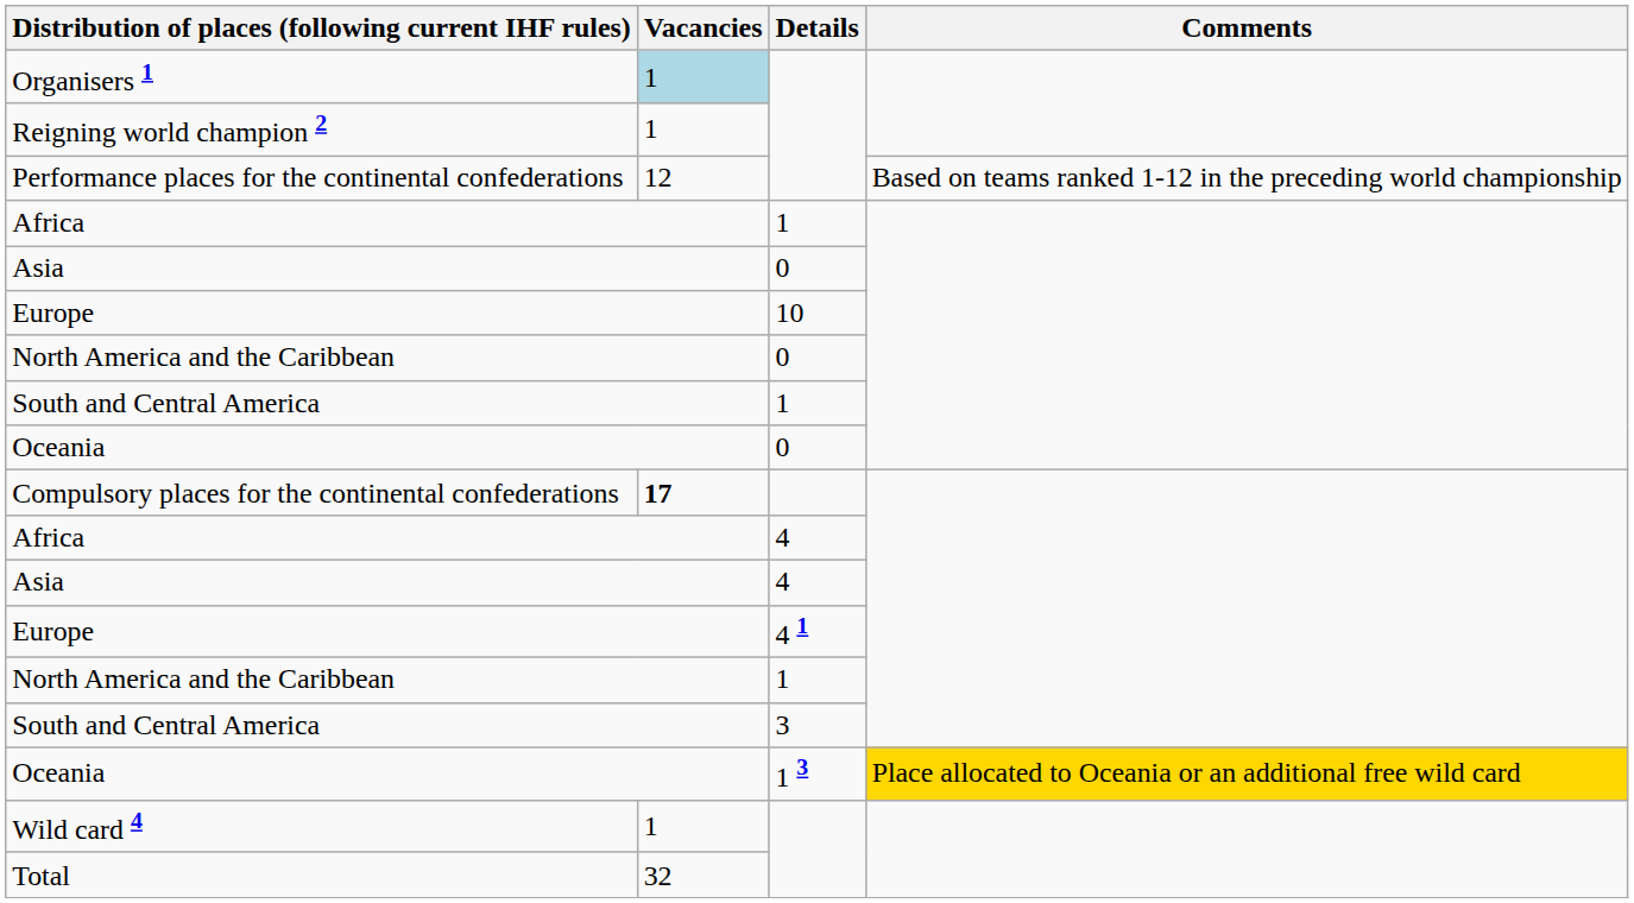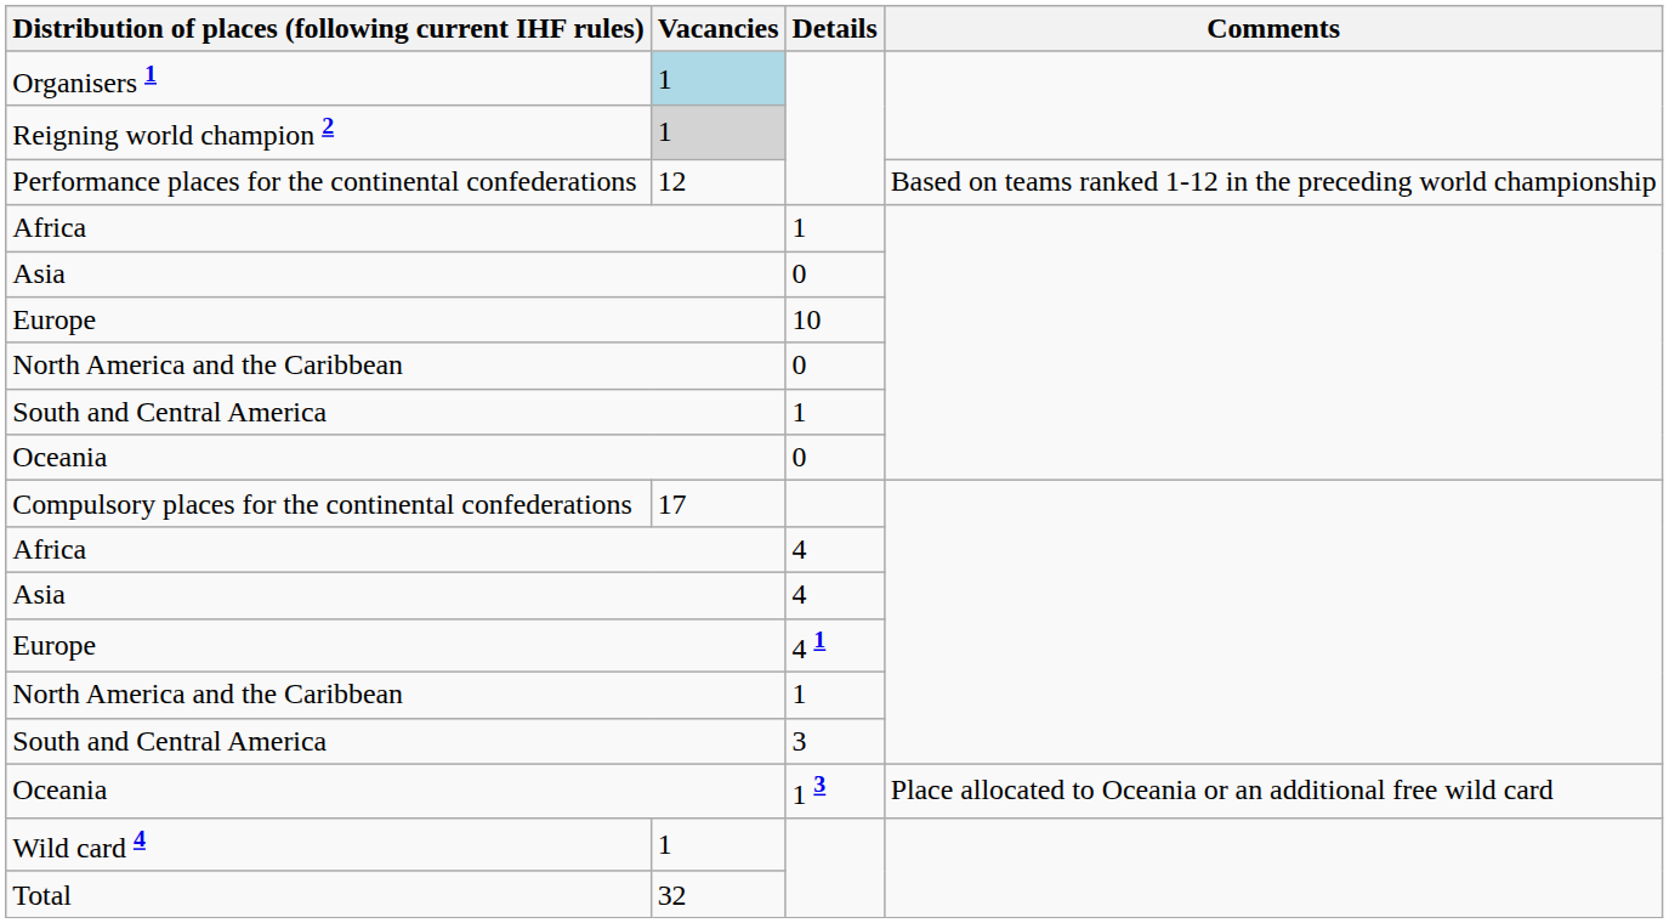 <table class="wikitable">
 <tr>
 <th>Distribution of places (following current IHF rules)</th>
 <th>Vacancies</th>
 <th>Details</th>
 <th>Comments</th>
 </tr>
 <tr>
 <td>Organisers <sup><strong><a href='#'>1</a></strong></sup></td>
 <td style="background: lightblue;">1</td>
 <td rowspan=3></td>
 <td rowspan=2></td>
 </tr>
 <tr>
 <td>Reigning world champion <sup><strong><a href='#'>2</a></strong></sup></td>
-<td>1</td>
+<td style="background: lightgrey;">1</td>
 </tr>
 <tr>
 <td>Performance places for the continental confederations</td>
 <td>12</td>
 <td>Based on teams ranked 1-12 in the preceding world championship</td>
 </tr>
 <tr>
 <td colspan=2>Africa</td>
 <td>1</td>
 <td rowspan=6></td>
 </tr>
 <tr>
 <td colspan=2>Asia</td>
 <td>0</td>
 </tr>
 <tr>
 <td colspan=2>Europe</td>
 <td>10</td>
 </tr>
 <tr>
 <td colspan=2>North America and the Caribbean</td>
 <td>0</td>
 </tr>
 <tr>
 <td colspan=2>South and Central America</td>
 <td>1</td>
 </tr>
 <tr>
 <td colspan=2>Oceania</td>
 <td>0</td>
 </tr>
 <tr>
 <td>Compulsory places for the continental confederations</td>
-<td><strong>17</strong></td>
+<td>17</td>
 <td></td>
 <td rowspan=6></td>
 </tr>
 <tr>
 <td colspan=2>Africa</td>
 <td>4</td>
 </tr>
 <tr>
 <td colspan=2>Asia</td>
 <td>4</td>
 </tr>
 <tr>
 <td colspan=2>Europe</td>
 <td>4 <sup><strong><a href='#'>1</a></strong></sup></td>
 </tr>
 <tr>
 <td colspan=2>North America and the Caribbean</td>
 <td>1</td>
 </tr>
 <tr>
 <td colspan=2>South and Central America</td>
 <td>3</td>
 </tr>
 <tr>
 <td colspan=2>Oceania</td>
 <td>1 <sup><strong><a href='#'>3</a></strong></sup></td>
-<td style="background: gold;">Place allocated to Oceania or an additional free wild card</td>
+<td>Place allocated to Oceania or an additional free wild card</td>
 </tr>
 <tr>
 <td>Wild card <sup><strong><a href='#'>4</a></strong></sup></td>
 <td>1</td>
 <td rowspan=2></td>
 </tr>
 <tr>
 <td>Total</td>
 <td>32</td>
 </tr>
 </table>
